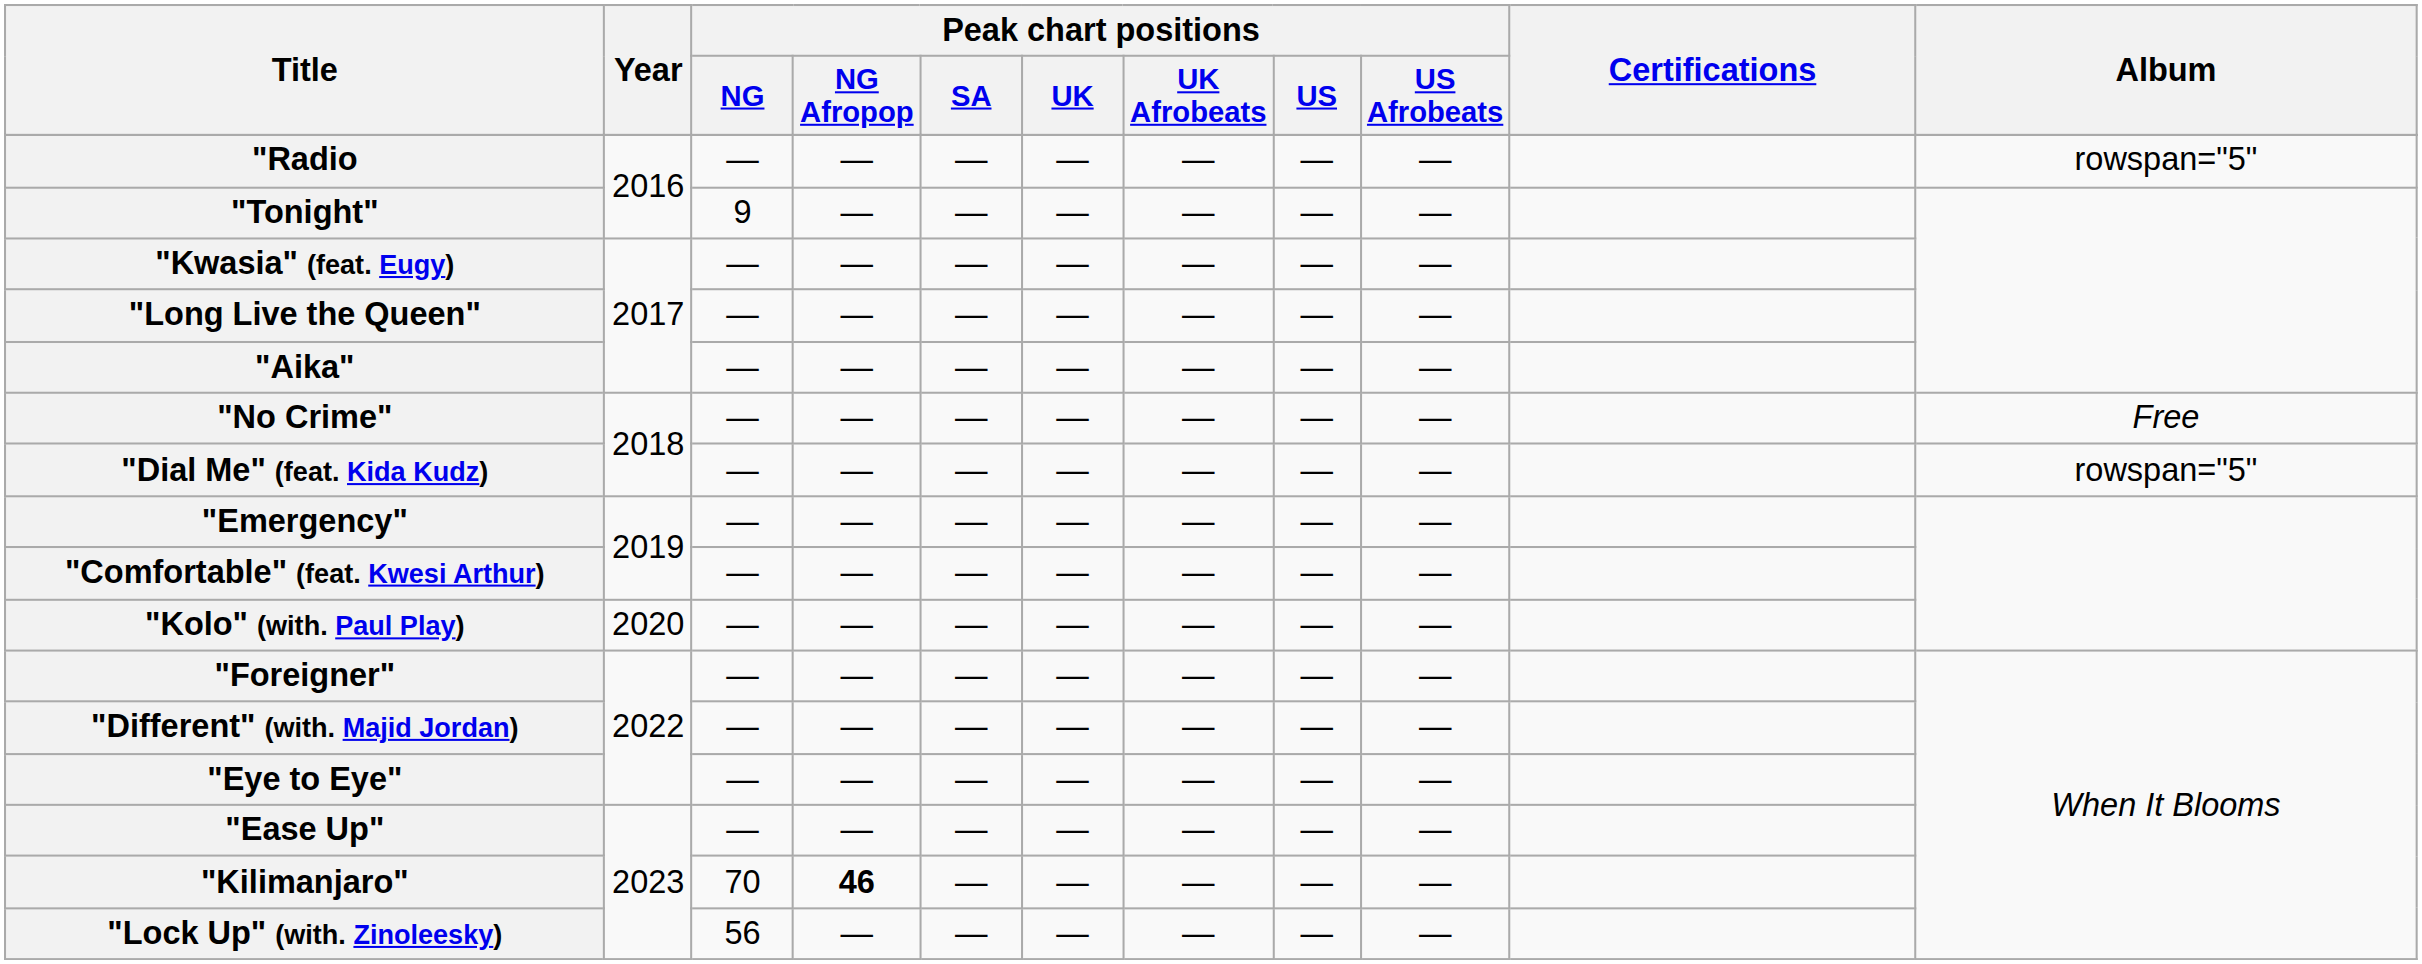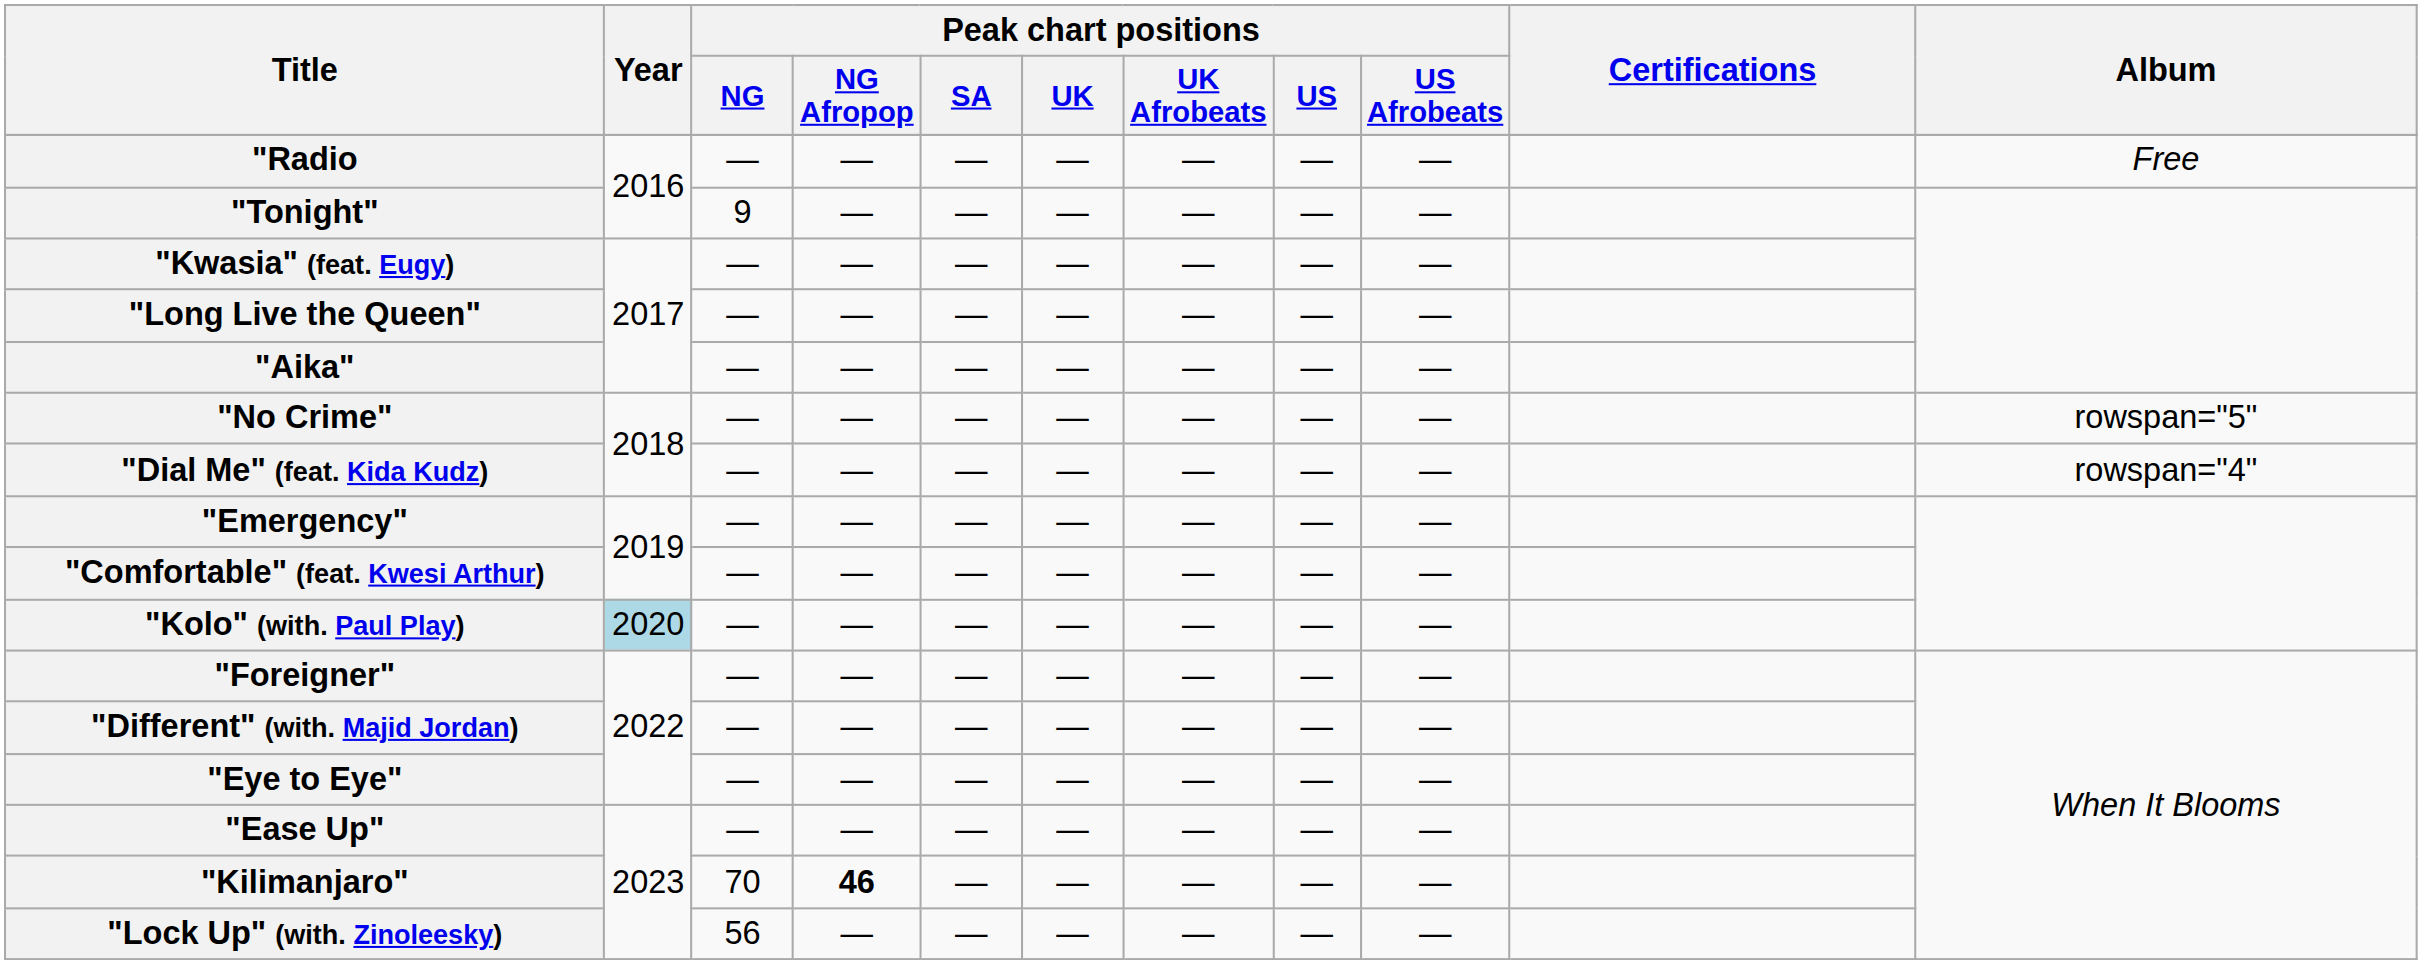 <table class="wikitable plainrowheaders" style="text-align:center;">
 <tr>
 <th scope="col" rowspan="2" style="width:18em;">Title</th>
 <th scope="col" rowspan="2" style="width:1em;">Year</th>
 <th scope="col" colspan="7">Peak chart positions</th>
 <th scope="col" rowspan="2" style="width:12em;"><a href='#'>Certifications</a></th>
 <th scope="col" rowspan="2" style="width:15em;">Album</th>
 </tr>
 <tr>
 <th scope="col" style="width:3em;font-size:90%;"><a href='#'>NG</a><br></th>
 <th scope="col" style="width:3em;font-size:90%;"><a href='#'>NG<br>Afropop</a></th>
 <th scope="col" style="width:3em;font-size:90%;"><a href='#'>SA</a><br></th>
 <th scope="col" style="width:3em;font-size:90%;"><a href='#'>UK</a><br></th>
 <th scope="col" style="width:3em;font-size:90%;"><a href='#'>UK<br>Afrobeats</a></th>
 <th scope="col" style="width:2.5em;font-size:90%;"><a href='#'>US</a><br></th>
 <th scope="col" style="width:3em;font-size:90%;"><a href='#'>US<br>Afrobeats</a></th>
 </tr>
 <tr>
 </tr>
 <tr>
 <th scope="row">"Radio</th>
 <td rowspan="2">2016</td>
 <td>—</td>
 <td>—</td>
 <td>—</td>
 <td>—</td>
 <td>—</td>
 <td>—</td>
 <td>—</td>
 <td></td>
-<td>rowspan="5" </td>
+<td><em>Free</em></td>
 </tr>
 <tr>
 <th scope="row">"Tonight"</th>
 <td>9</td>
 <td>—</td>
 <td>—</td>
 <td>—</td>
 <td>—</td>
 <td>—</td>
 <td>—</td>
 <td></td>
 </tr>
 <tr>
 <th scope="row">"Kwasia" <small>(feat. <a href='#'>Eugy</a>)</small></th>
 <td rowspan="3">2017</td>
 <td>—</td>
 <td>—</td>
 <td>—</td>
 <td>—</td>
 <td>—</td>
 <td>—</td>
 <td>—</td>
 <td></td>
 </tr>
 <tr>
 <th scope="row">"Long Live the Queen"</th>
 <td>—</td>
 <td>—</td>
 <td>—</td>
 <td>—</td>
 <td>—</td>
 <td>—</td>
 <td>—</td>
 <td></td>
 </tr>
 <tr>
 <th scope="row">"Aika"</th>
 <td>—</td>
 <td>—</td>
 <td>—</td>
 <td>—</td>
 <td>—</td>
 <td>—</td>
 <td>—</td>
 <td></td>
 </tr>
 <tr>
 <th scope="row">"No Crime"</th>
 <td rowspan="2">2018</td>
 <td>—</td>
 <td>—</td>
 <td>—</td>
 <td>—</td>
 <td>—</td>
 <td>—</td>
 <td>—</td>
 <td></td>
-<td><em>Free</em></td>
+<td>rowspan="5" </td>
 </tr>
 <tr>
 <th scope="row">"Dial Me" <small>(feat. <a href='#'>Kida Kudz</a>)</small></th>
 <td>—</td>
 <td>—</td>
 <td>—</td>
 <td>—</td>
 <td>—</td>
 <td>—</td>
 <td>—</td>
 <td></td>
-<td>rowspan="5" </td>
+<td>rowspan="4" </td>
 </tr>
 <tr>
 <th scope="row">"Emergency"</th>
 <td rowspan="2">2019</td>
 <td>—</td>
 <td>—</td>
 <td>—</td>
 <td>—</td>
 <td>—</td>
 <td>—</td>
 <td>—</td>
 <td></td>
 </tr>
 <tr>
 <th scope="row">"Comfortable" <small>(feat. <a href='#'>Kwesi Arthur</a>)</small></th>
 <td>—</td>
 <td>—</td>
 <td>—</td>
 <td>—</td>
 <td>—</td>
 <td>—</td>
 <td>—</td>
 <td></td>
 </tr>
 <tr>
 <th scope="row">"Kolo" <small>(with. <a href='#'>Paul Play</a>)</small></th>
-<td>2020</td>
+<td style="background: lightblue;">2020</td>
 <td>—</td>
 <td>—</td>
 <td>—</td>
 <td>—</td>
 <td>—</td>
 <td>—</td>
 <td>—</td>
 <td></td>
 </tr>
 <tr>
 <th scope="row">"Foreigner"</th>
 <td rowspan="3">2022</td>
 <td>—</td>
 <td>—</td>
 <td>—</td>
 <td>—</td>
 <td>—</td>
 <td>—</td>
 <td>—</td>
 <td></td>
 <td rowspan="6"><em>When It Blooms</em></td>
 </tr>
 <tr>
 <th scope="row">"Different" <small>(with. <a href='#'>Majid Jordan</a>)</small></th>
 <td>—</td>
 <td>—</td>
 <td>—</td>
 <td>—</td>
 <td>—</td>
 <td>—</td>
 <td>—</td>
 <td></td>
 </tr>
 <tr>
 <th scope="row">"Eye to Eye"</th>
 <td>—</td>
 <td>—</td>
 <td>—</td>
 <td>—</td>
 <td>—</td>
 <td>—</td>
 <td>—</td>
 <td></td>
 </tr>
 <tr>
 <th scope="row">"Ease Up"</th>
 <td rowspan="3">2023</td>
 <td>—</td>
 <td>—</td>
 <td>—</td>
 <td>—</td>
 <td>—</td>
 <td>—</td>
 <td>—</td>
 <td></td>
 </tr>
 <tr>
 <th scope="row">"Kilimanjaro"</th>
 <td>70</td>
 <td><strong>46</strong></td>
 <td>—</td>
 <td>—</td>
 <td>—</td>
 <td>—</td>
 <td>—</td>
 <td></td>
 </tr>
 <tr>
 <th scope="row">"Lock Up" <small>(with. <a href='#'>Zinoleesky</a>)</small></th>
 <td>56</td>
 <td>—</td>
 <td>—</td>
 <td>—</td>
 <td>—</td>
 <td>—</td>
 <td>—</td>
 <td></td>
 </tr>
 </table>
